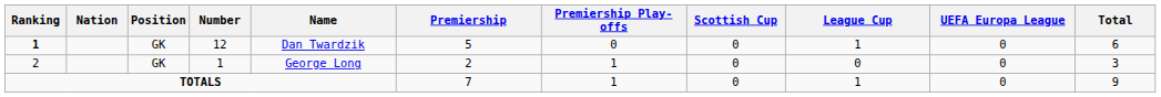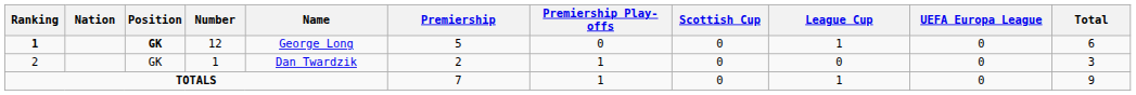 <table class="wikitable" style="font-size: 95%; text-align: center;">
 <tr>
 <th width=60>Ranking</th>
 <th width=60>Nation</th>
 <th width=60>Position</th>
 <th width=60>Number</th>
 <th width=150>Name</th>
 <th width=150><a href='#'>Premiership</a></th>
 <th width=150><a href='#'>Premiership Play-offs</a></th>
 <th width=100><a href='#'>Scottish Cup</a></th>
 <th width=150><a href='#'>League Cup</a></th>
 <th width=150><a href='#'>UEFA Europa League</a></th>
 <th width=80>Total</th>
 </tr>
 <tr>
 <td><strong>1</strong></td>
 <td></td>
-<td>GK</td>
+<td><strong>GK</strong></td>
 <td>12</td>
-<td><a href='#'>Dan Twardzik</a></td>
+<td><a href='#'>George Long</a></td>
 <td>5</td>
 <td>0</td>
 <td>0</td>
 <td>1</td>
 <td>0</td>
 <td>6</td>
 </tr>
 <tr>
 <td>2</td>
 <td></td>
 <td>GK</td>
 <td>1</td>
-<td><a href='#'>George Long</a></td>
+<td><a href='#'>Dan Twardzik</a></td>
 <td>2</td>
 <td>1</td>
 <td>0</td>
 <td>0</td>
 <td>0</td>
 <td>3</td>
 </tr>
 <tr>
 <td colspan="5"><strong>TOTALS</strong></td>
 <td>7</td>
 <td>1</td>
 <td>0</td>
 <td>1</td>
 <td>0</td>
 <td>9</td>
 </tr>
 </table>
